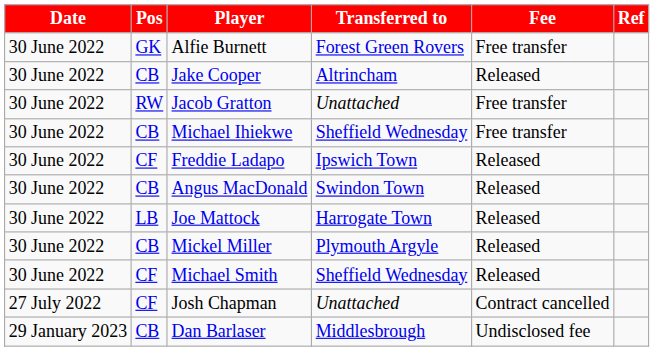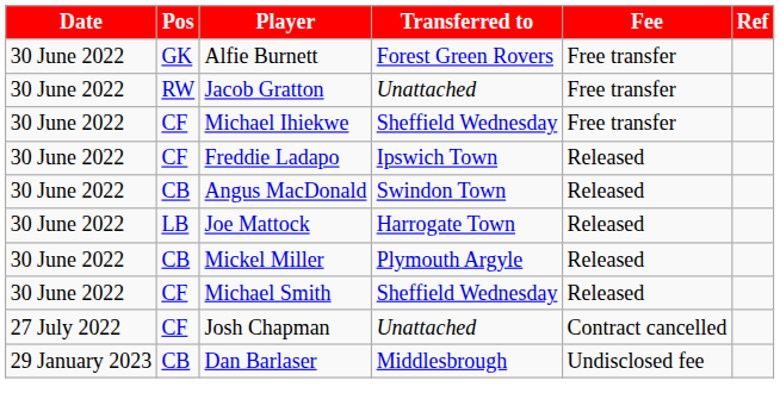 <table class="wikitable plainrowheaders sortable">
 <tr>
 <th style="background:#FF0000; color:#ffffff; ">Date</th>
 <th style="background:#FF0000; color:#ffffff; ">Pos</th>
 <th style="background:#FF0000; color:#ffffff; ">Player</th>
 <th style="background:#FF0000; color:#ffffff; ">Transferred to</th>
 <th style="background:#FF0000; color:#ffffff; ">Fee</th>
 <th style="background:#FF0000; color:#ffffff; ">Ref</th>
 </tr>
 <tr>
 <td>30 June 2022</td>
 <td><a href='#'>GK</a></td>
 <td> Alfie Burnett</td>
 <td> <a href='#'>Forest Green Rovers</a></td>
 <td>Free transfer</td>
 <td></td>
 </tr>
 <tr>
 <td>30 June 2022</td>
-<td><a href='#'>CB</a></td>
-<td> <a href='#'>Jake Cooper</a></td>
-<td> <a href='#'>Altrincham</a></td>
-<td>Released</td>
-<td></td>
-</tr>
-<tr>
-<td>30 June 2022</td>
 <td><a href='#'>RW</a></td>
 <td> <a href='#'>Jacob Gratton</a></td>
 <td> <em>Unattached</em></td>
 <td>Free transfer</td>
 <td></td>
 </tr>
 <tr>
 <td>30 June 2022</td>
-<td><a href='#'>CB</a></td>
+<td><a href='#'>CF</a></td>
 <td> <a href='#'>Michael Ihiekwe</a></td>
 <td> <a href='#'>Sheffield Wednesday</a></td>
 <td>Free transfer</td>
 <td></td>
 </tr>
 <tr>
 <td>30 June 2022</td>
 <td><a href='#'>CF</a></td>
 <td> <a href='#'>Freddie Ladapo</a></td>
 <td> <a href='#'>Ipswich Town</a></td>
 <td>Released</td>
 <td></td>
 </tr>
 <tr>
 <td>30 June 2022</td>
 <td><a href='#'>CB</a></td>
 <td> <a href='#'>Angus MacDonald</a></td>
 <td> <a href='#'>Swindon Town</a></td>
 <td>Released</td>
 <td></td>
 </tr>
 <tr>
 <td>30 June 2022</td>
 <td><a href='#'>LB</a></td>
 <td> <a href='#'>Joe Mattock</a></td>
 <td> <a href='#'>Harrogate Town</a></td>
 <td>Released</td>
 <td></td>
 </tr>
 <tr>
 <td>30 June 2022</td>
 <td><a href='#'>CB</a></td>
 <td> <a href='#'>Mickel Miller</a></td>
 <td> <a href='#'>Plymouth Argyle</a></td>
 <td>Released</td>
 <td></td>
 </tr>
 <tr>
 <td>30 June 2022</td>
 <td><a href='#'>CF</a></td>
 <td> <a href='#'>Michael Smith</a></td>
 <td> <a href='#'>Sheffield Wednesday</a></td>
 <td>Released</td>
 <td></td>
 </tr>
 <tr>
 <td>27 July 2022</td>
 <td><a href='#'>CF</a></td>
 <td> Josh Chapman</td>
 <td> <em>Unattached</em></td>
 <td>Contract cancelled</td>
 <td></td>
 </tr>
 <tr>
 <td>29 January 2023</td>
 <td><a href='#'>CB</a></td>
 <td> <a href='#'>Dan Barlaser</a></td>
 <td> <a href='#'>Middlesbrough</a></td>
 <td>Undisclosed fee</td>
 <td></td>
 </tr>
 </table>
